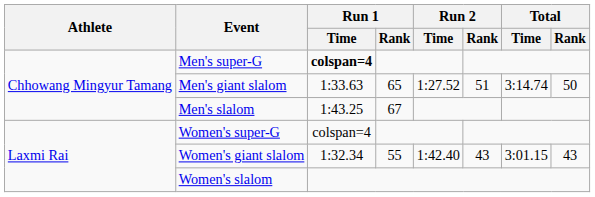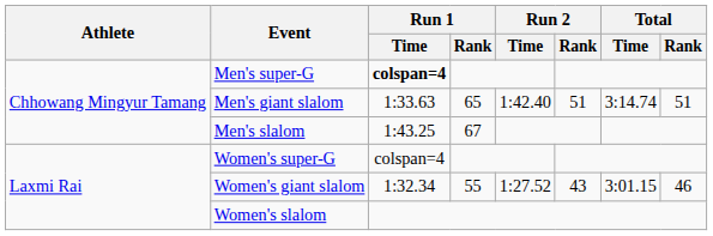 <table class="wikitable" style="font-size:90%">
 <tr>
 <th rowspan=2>Athlete</th>
 <th rowspan=2>Event</th>
 <th colspan=2>Run 1</th>
 <th colspan=2>Run 2</th>
 <th colspan=2>Total</th>
 </tr>
 <tr style="font-size:95%">
 <th>Time</th>
 <th>Rank</th>
 <th>Time</th>
 <th>Rank</th>
 <th>Time</th>
 <th>Rank</th>
 </tr>
 <tr align=center>
 <td align="left" rowspan="3"><a href='#'>Chhowang Mingyur Tamang</a></td>
 <td align="left"><a href='#'>Men's super-G</a></td>
 <td><strong>colspan=4</strong></td>
 <td colspan=2></td>
 </tr>
 <tr align=center>
 <td align="left"><a href='#'>Men's giant slalom</a></td>
 <td>1:33.63</td>
 <td>65</td>
-<td>1:27.52</td>
+<td>1:42.40</td>
 <td>51</td>
 <td>3:14.74</td>
-<td>50</td>
+<td>51</td>
 </tr>
 <tr align=center>
 <td align="left"><a href='#'>Men's slalom</a></td>
 <td>1:43.25</td>
 <td>67</td>
 <td colspan=2></td>
 <td colspan=2></td>
 </tr>
 <tr align=center>
 <td align="left" rowspan="3"><a href='#'>Laxmi Rai</a></td>
 <td align="left"><a href='#'>Women's super-G</a></td>
 <td>colspan=4</td>
 <td colspan=2></td>
 </tr>
 <tr align=center>
 <td align="left"><a href='#'>Women's giant slalom</a></td>
 <td>1:32.34</td>
 <td>55</td>
-<td>1:42.40</td>
+<td>1:27.52</td>
 <td>43</td>
 <td>3:01.15</td>
-<td>43</td>
+<td>46</td>
 </tr>
 <tr align=center>
 <td align="left"><a href='#'>Women's slalom</a></td>
 <td colspan=6></td>
 </tr>
 </table>
